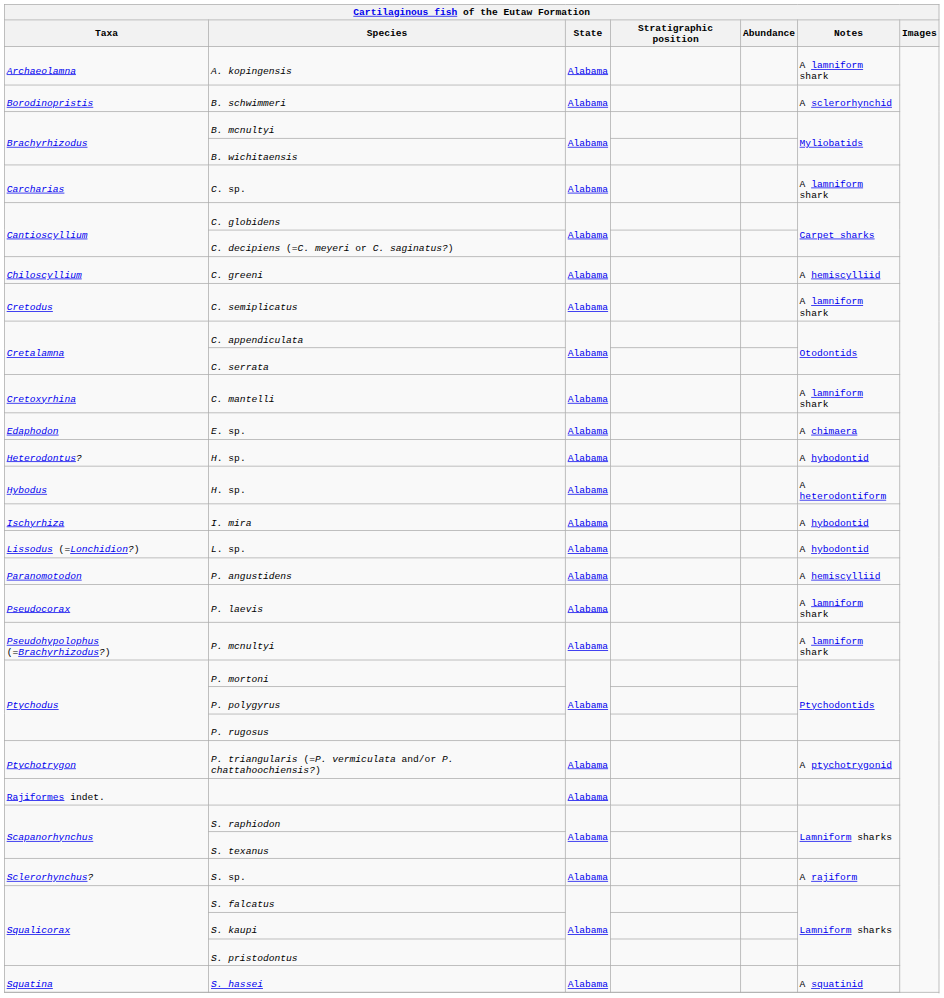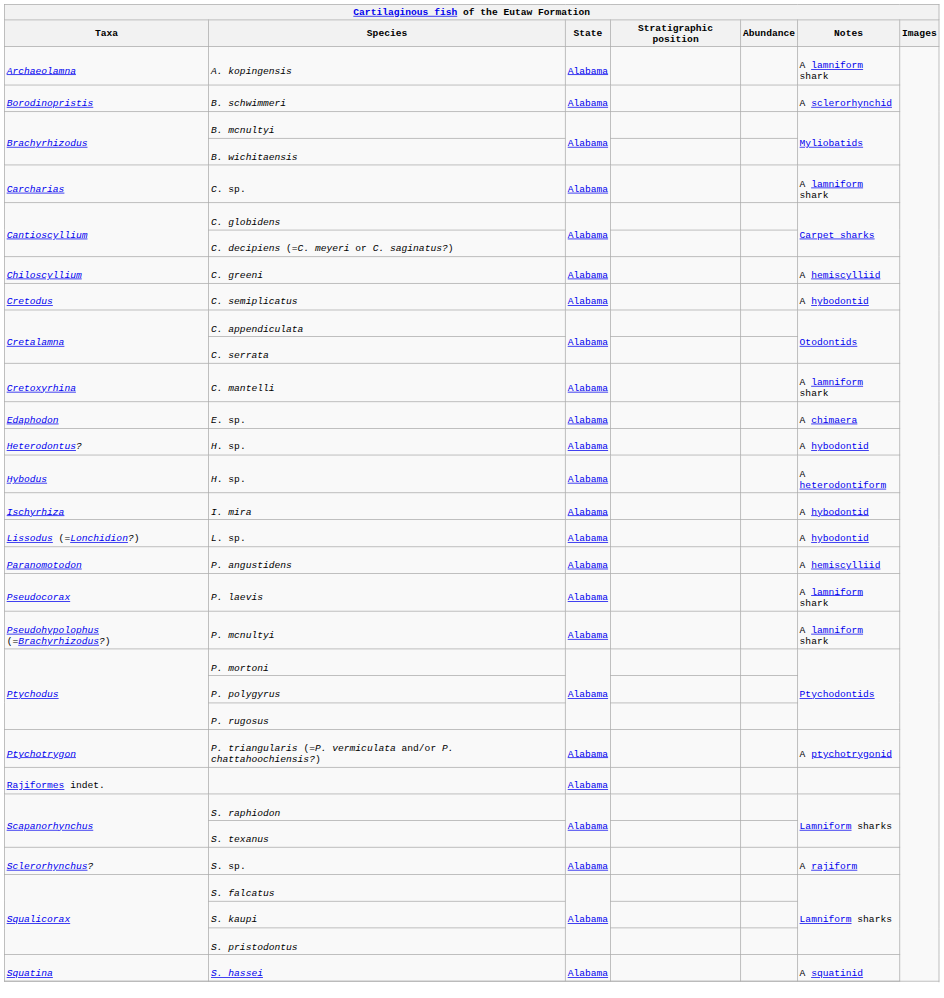 <table class="wikitable" align="center" width="100%">
 <tr>
 <th colspan="7" align="center"><strong><a href='#'>Cartilaginous fish</a> of the Eutaw Formation</strong></th>
 </tr>
 <tr>
 <th>Taxa</th>
 <th>Species</th>
 <th>State</th>
 <th>Stratigraphic position</th>
 <th>Abundance</th>
 <th>Notes</th>
 <th>Images</th>
 </tr>
 <tr>
 <td><br><em><a href='#'>Archaeolamna</a></em></td>
 <td><br><em>A. kopingensis</em></td>
 <td><br><a href='#'>Alabama</a></td>
 <td></td>
 <td></td>
 <td><br>A <a href='#'>lamniform</a> shark</td>
 <td rowspan="99"><br>   </td>
 </tr>
 <tr>
 <td><br><em><a href='#'>Borodinopristis</a></em></td>
 <td><br><em>B. schwimmeri</em></td>
 <td><br><a href='#'>Alabama</a></td>
 <td></td>
 <td></td>
 <td><br>A <a href='#'>sclerorhynchid</a></td>
 </tr>
 <tr>
 <td rowspan="2"><br><em><a href='#'>Brachyrhizodus</a></em></td>
 <td><br><em>B. mcnultyi</em></td>
 <td rowspan="2"><br><a href='#'>Alabama</a></td>
 <td></td>
 <td></td>
 <td rowspan="2"><br><a href='#'>Myliobatids</a></td>
 </tr>
 <tr>
 <td><br><em>B.  wichitaensis</em></td>
 <td></td>
 <td></td>
 </tr>
 <tr>
 <td><br><em><a href='#'>Carcharias</a></em></td>
 <td><br><em>C</em>. sp.</td>
 <td><br><a href='#'>Alabama</a></td>
 <td></td>
 <td></td>
 <td><br>A <a href='#'>lamniform</a> shark</td>
 </tr>
 <tr>
 <td rowspan="2"><br><em><a href='#'>Cantioscyllium</a></em></td>
 <td><br><em>C. globidens</em></td>
 <td rowspan="2"><br><a href='#'>Alabama</a></td>
 <td></td>
 <td></td>
 <td rowspan="2"><br><a href='#'>Carpet sharks</a></td>
 </tr>
 <tr>
 <td><br><em>C. decipiens</em> (=<em>C. meyeri</em> or <em>C. saginatus?</em>)</td>
 <td></td>
 <td></td>
 </tr>
 <tr>
 <td><br><em><a href='#'>Chiloscyllium</a></em></td>
 <td><br><em>C. greeni</em></td>
 <td><br><a href='#'>Alabama</a></td>
 <td></td>
 <td></td>
 <td><br>A <a href='#'>hemiscylliid</a></td>
 </tr>
 <tr>
 <td><br><em><a href='#'>Cretodus</a></em></td>
 <td><br><em>C. semiplicatus</em></td>
 <td><br><a href='#'>Alabama</a></td>
 <td></td>
 <td></td>
-<td><br>A <a href='#'>lamniform</a> shark</td>
+<td><br>A <a href='#'>hybodontid</a></td>
 </tr>
 <tr>
 <td rowspan="2"><br><em><a href='#'>Cretalamna</a></em></td>
 <td><br><em>C. appendiculata</em></td>
 <td rowspan="2"><br><a href='#'>Alabama</a></td>
 <td></td>
 <td></td>
 <td rowspan="2"><br><a href='#'>Otodontids</a></td>
 </tr>
 <tr>
 <td><br><em>C. serrata</em></td>
 <td></td>
 <td></td>
 </tr>
 <tr>
 <td><br><em><a href='#'>Cretoxyrhina</a></em></td>
 <td><br><em>C. mantelli</em></td>
 <td><br><a href='#'>Alabama</a></td>
 <td></td>
 <td></td>
 <td><br>A <a href='#'>lamniform</a> shark</td>
 </tr>
 <tr>
 <td><br><em><a href='#'>Edaphodon</a></em></td>
 <td><br><em>E</em>. sp.</td>
 <td><br><a href='#'>Alabama</a></td>
 <td></td>
 <td></td>
 <td><br>A <a href='#'>chimaera</a></td>
 </tr>
 <tr>
 <td><br><em><a href='#'>Heterodontus</a>?</em></td>
 <td><br><em>H</em>. sp.</td>
 <td><br><a href='#'>Alabama</a></td>
 <td></td>
 <td></td>
 <td><br>A <a href='#'>hybodontid</a></td>
 </tr>
 <tr>
 <td><br><em><a href='#'>Hybodus</a></em></td>
 <td><br><em>H</em>. sp.</td>
 <td><br><a href='#'>Alabama</a></td>
 <td></td>
 <td></td>
 <td><br>A <a href='#'>heterodontiform</a></td>
 </tr>
 <tr>
 <td><br><em><a href='#'>Ischyrhiza</a></em></td>
 <td><br><em>I. mira</em></td>
 <td><br><a href='#'>Alabama</a></td>
 <td></td>
 <td></td>
 <td><br>A <a href='#'>hybodontid</a></td>
 </tr>
 <tr>
 <td><br><em><a href='#'>Lissodus</a></em> (=<em><a href='#'>Lonchidion</a>?</em>)</td>
 <td><br><em>L</em>. sp.</td>
 <td><br><a href='#'>Alabama</a></td>
 <td></td>
 <td></td>
 <td><br>A <a href='#'>hybodontid</a></td>
 </tr>
 <tr>
 <td><br><em><a href='#'>Paranomotodon</a></em></td>
 <td><br><em>P. angustidens</em></td>
 <td><br><a href='#'>Alabama</a></td>
 <td></td>
 <td></td>
 <td><br>A <a href='#'>hemiscylliid</a></td>
 </tr>
 <tr>
 <td><br><em><a href='#'>Pseudocorax</a></em></td>
 <td><br><em>P. laevis</em></td>
 <td><br><a href='#'>Alabama</a></td>
 <td></td>
 <td></td>
 <td><br>A <a href='#'>lamniform</a> shark</td>
 </tr>
 <tr>
 <td><br><em><a href='#'>Pseudohypolophus</a></em> (=<em><a href='#'>Brachyrhizodus</a>?</em>)</td>
 <td><br><em>P. mcnultyi</em></td>
 <td><br><a href='#'>Alabama</a></td>
 <td></td>
 <td></td>
 <td><br>A <a href='#'>lamniform</a> shark</td>
 </tr>
 <tr>
 <td rowspan="3"><br><em><a href='#'>Ptychodus</a></em></td>
 <td><br><em>P. mortoni</em></td>
 <td rowspan="3"><br><a href='#'>Alabama</a></td>
 <td></td>
 <td></td>
 <td rowspan="3"><br><a href='#'>Ptychodontids</a></td>
 </tr>
 <tr>
 <td><br><em>P. polygyrus</em></td>
 <td></td>
 <td></td>
 </tr>
 <tr>
 <td><br><em>P. rugosus</em></td>
 <td></td>
 <td></td>
 </tr>
 <tr>
 <td><br><em><a href='#'>Ptychotrygon</a></em></td>
 <td><br><em>P. triangularis</em> (=<em>P. vermiculata</em> and/or  <em>P. chattahoochiensis?</em>)</td>
 <td><br><a href='#'>Alabama</a></td>
 <td></td>
 <td></td>
 <td><br>A <a href='#'>ptychotrygonid</a></td>
 </tr>
 <tr>
 <td><br><a href='#'>Rajiformes</a> indet.</td>
 <td></td>
 <td><br><a href='#'>Alabama</a></td>
 <td></td>
 <td></td>
 <td></td>
 </tr>
 <tr>
 <td rowspan="2"><br><em><a href='#'>Scapanorhynchus</a></em></td>
 <td><br><em>S. raphiodon</em></td>
 <td rowspan="2"><br><a href='#'>Alabama</a></td>
 <td></td>
 <td></td>
 <td rowspan="2"><br><a href='#'>Lamniform</a> sharks</td>
 </tr>
 <tr>
 <td><br><em>S. texanus</em></td>
 <td></td>
 <td></td>
 </tr>
 <tr>
 <td><br><em><a href='#'>Sclerorhynchus</a>?</em></td>
 <td><br><em>S</em>. sp.</td>
 <td><br><a href='#'>Alabama</a></td>
 <td></td>
 <td></td>
 <td><br>A <a href='#'>rajiform</a></td>
 </tr>
 <tr>
 <td rowspan="3"><br><em><a href='#'>Squalicorax</a></em></td>
 <td><br><em>S. falcatus</em></td>
 <td rowspan="3"><br><a href='#'>Alabama</a></td>
 <td></td>
 <td></td>
 <td rowspan="3"><br><a href='#'>Lamniform</a> sharks</td>
 </tr>
 <tr>
 <td><br><em>S. kaupi</em></td>
 <td></td>
 <td></td>
 </tr>
 <tr>
 <td><br><em>S. pristodontus</em></td>
 <td></td>
 <td></td>
 </tr>
 <tr>
 <td><br><em><a href='#'>Squatina</a></em></td>
 <td><br><em><a href='#'>S. hassei</a></em></td>
 <td><br><a href='#'>Alabama</a></td>
 <td></td>
 <td></td>
 <td><br>A <a href='#'>squatinid</a></td>
 </tr>
 <tr>
 </tr>
 </table>
